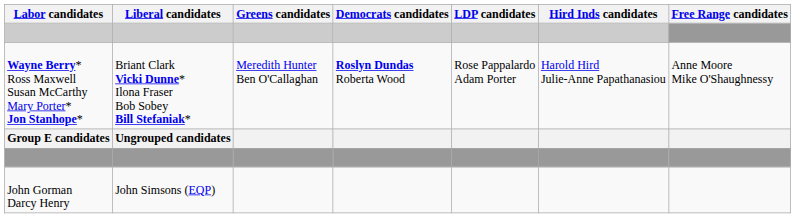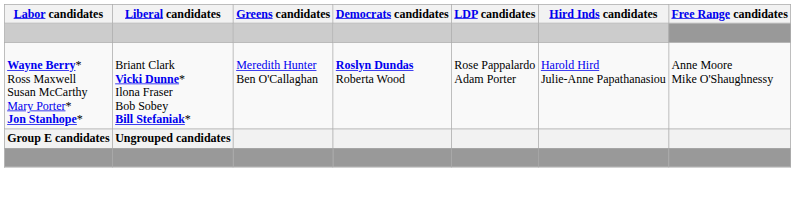 <table class="wikitable">
 <tr>
 <th><a href='#'>Labor</a> candidates</th>
 <th><a href='#'>Liberal</a> candidates</th>
 <th><a href='#'>Greens</a> candidates</th>
 <th><a href='#'>Democrats</a> candidates</th>
 <th><a href='#'>LDP</a> candidates</th>
 <th><a href='#'>Hird Inds</a> candidates</th>
 <th><a href='#'>Free Range</a> candidates</th>
 </tr>
 <tr bgcolor="#cccccc">
 <td></td>
 <td></td>
 <td></td>
 <td></td>
 <td></td>
 <td></td>
 <td bgcolor="#999999"> </td>
 </tr>
 <tr>
 <td><br><strong><a href='#'>Wayne Berry</a></strong>* <br> Ross Maxwell <br> Susan McCarthy <br> <a href='#'>Mary Porter</a>* <br> <strong><a href='#'>Jon Stanhope</a></strong>*</td>
 <td><br>Briant Clark <br> <strong><a href='#'>Vicki Dunne</a></strong>* <br> Ilona Fraser <br> Bob Sobey <br> <strong><a href='#'>Bill Stefaniak</a></strong>*</td>
 <td valign=top><br><a href='#'>Meredith Hunter</a> <br> Ben O'Callaghan</td>
 <td valign=top><br><strong><a href='#'>Roslyn Dundas</a></strong> <br> Roberta Wood</td>
 <td valign=top><br>Rose Pappalardo <br> Adam Porter</td>
 <td valign=top><br><a href='#'>Harold Hird</a> <br> Julie-Anne Papathanasiou</td>
 <td valign=top><br>Anne Moore <br> Mike O'Shaughnessy</td>
 </tr>
 <tr bgcolor="#cccccc">
 <th>Group E candidates</th>
 <th>Ungrouped candidates</th>
 <th></th>
 <th></th>
 <th></th>
 <th></th>
 <th></th>
 </tr>
 <tr bgcolor="#cccccc">
 <td bgcolor="#999999"></td>
 <td bgcolor="#999999"></td>
 <td bgcolor="#999999"></td>
 <td bgcolor="#999999"></td>
 <td bgcolor="#999999"></td>
 <td bgcolor="#999999"></td>
 <td bgcolor="#999999"> </td>
 </tr>
-<tr>
-<td valign=top><br>John Gorman <br> Darcy Henry</td>
-<td valign=top><br>John Simsons (<a href='#'>EQP</a>)</td>
-<td valign=top></td>
-<td valign=top></td>
-<td valign=top></td>
-<td valign=top></td>
-<td valign=top></td>
-</tr>
 </table>
